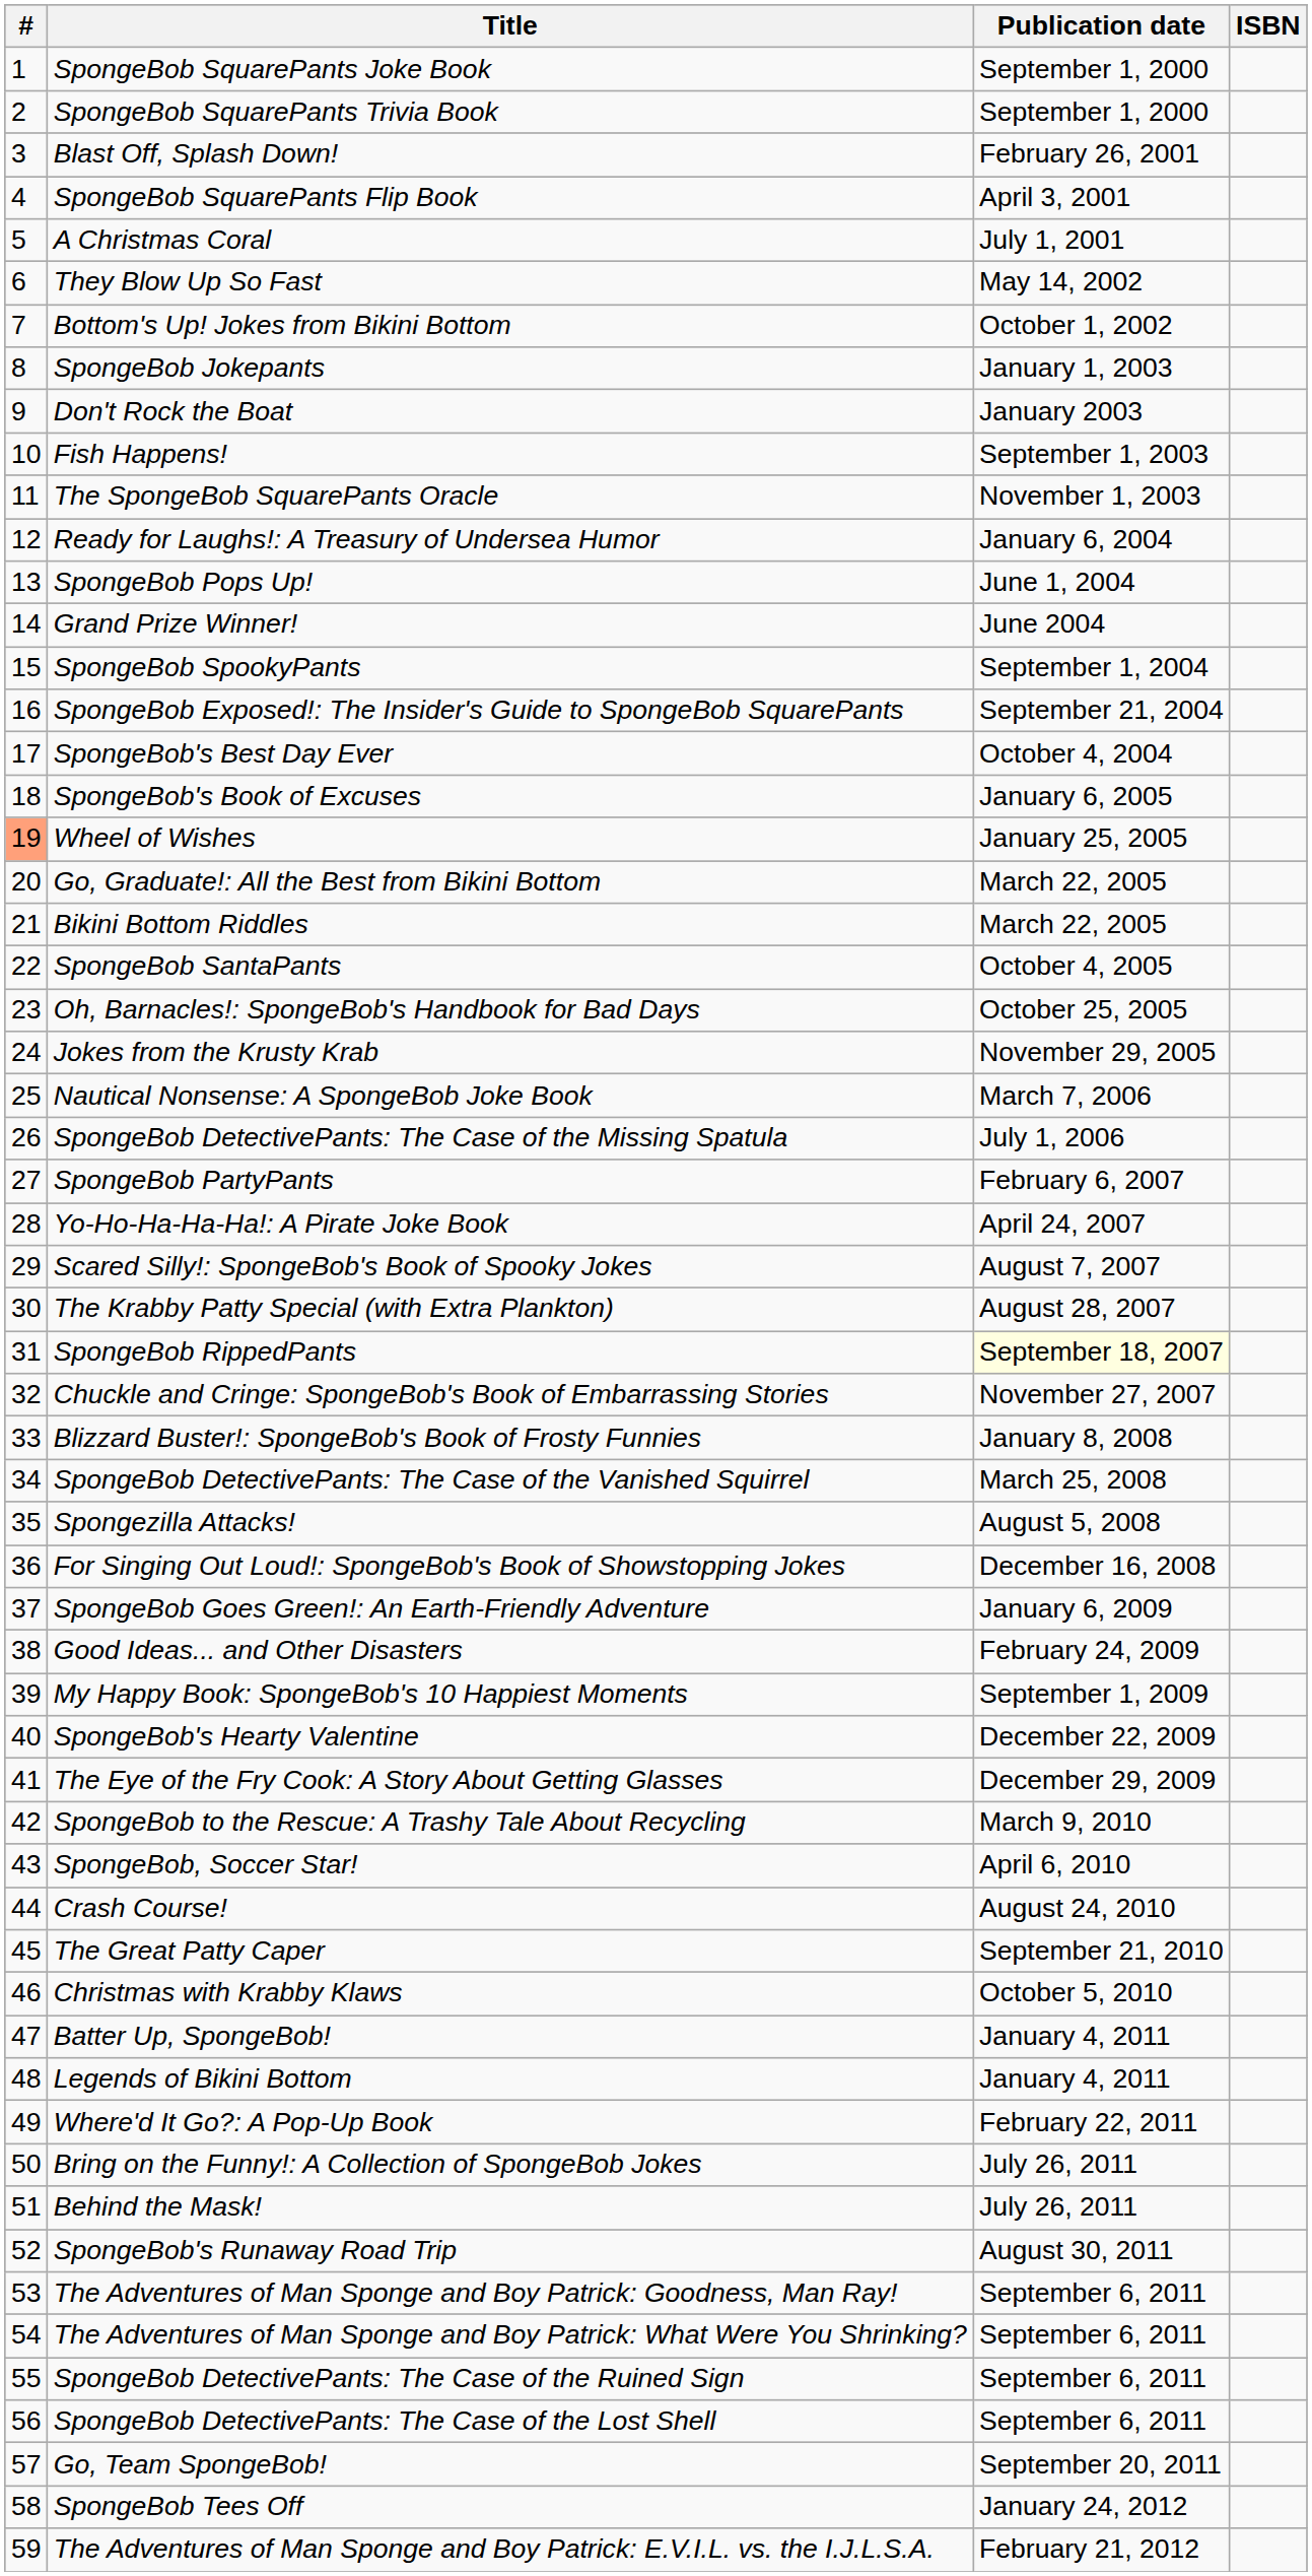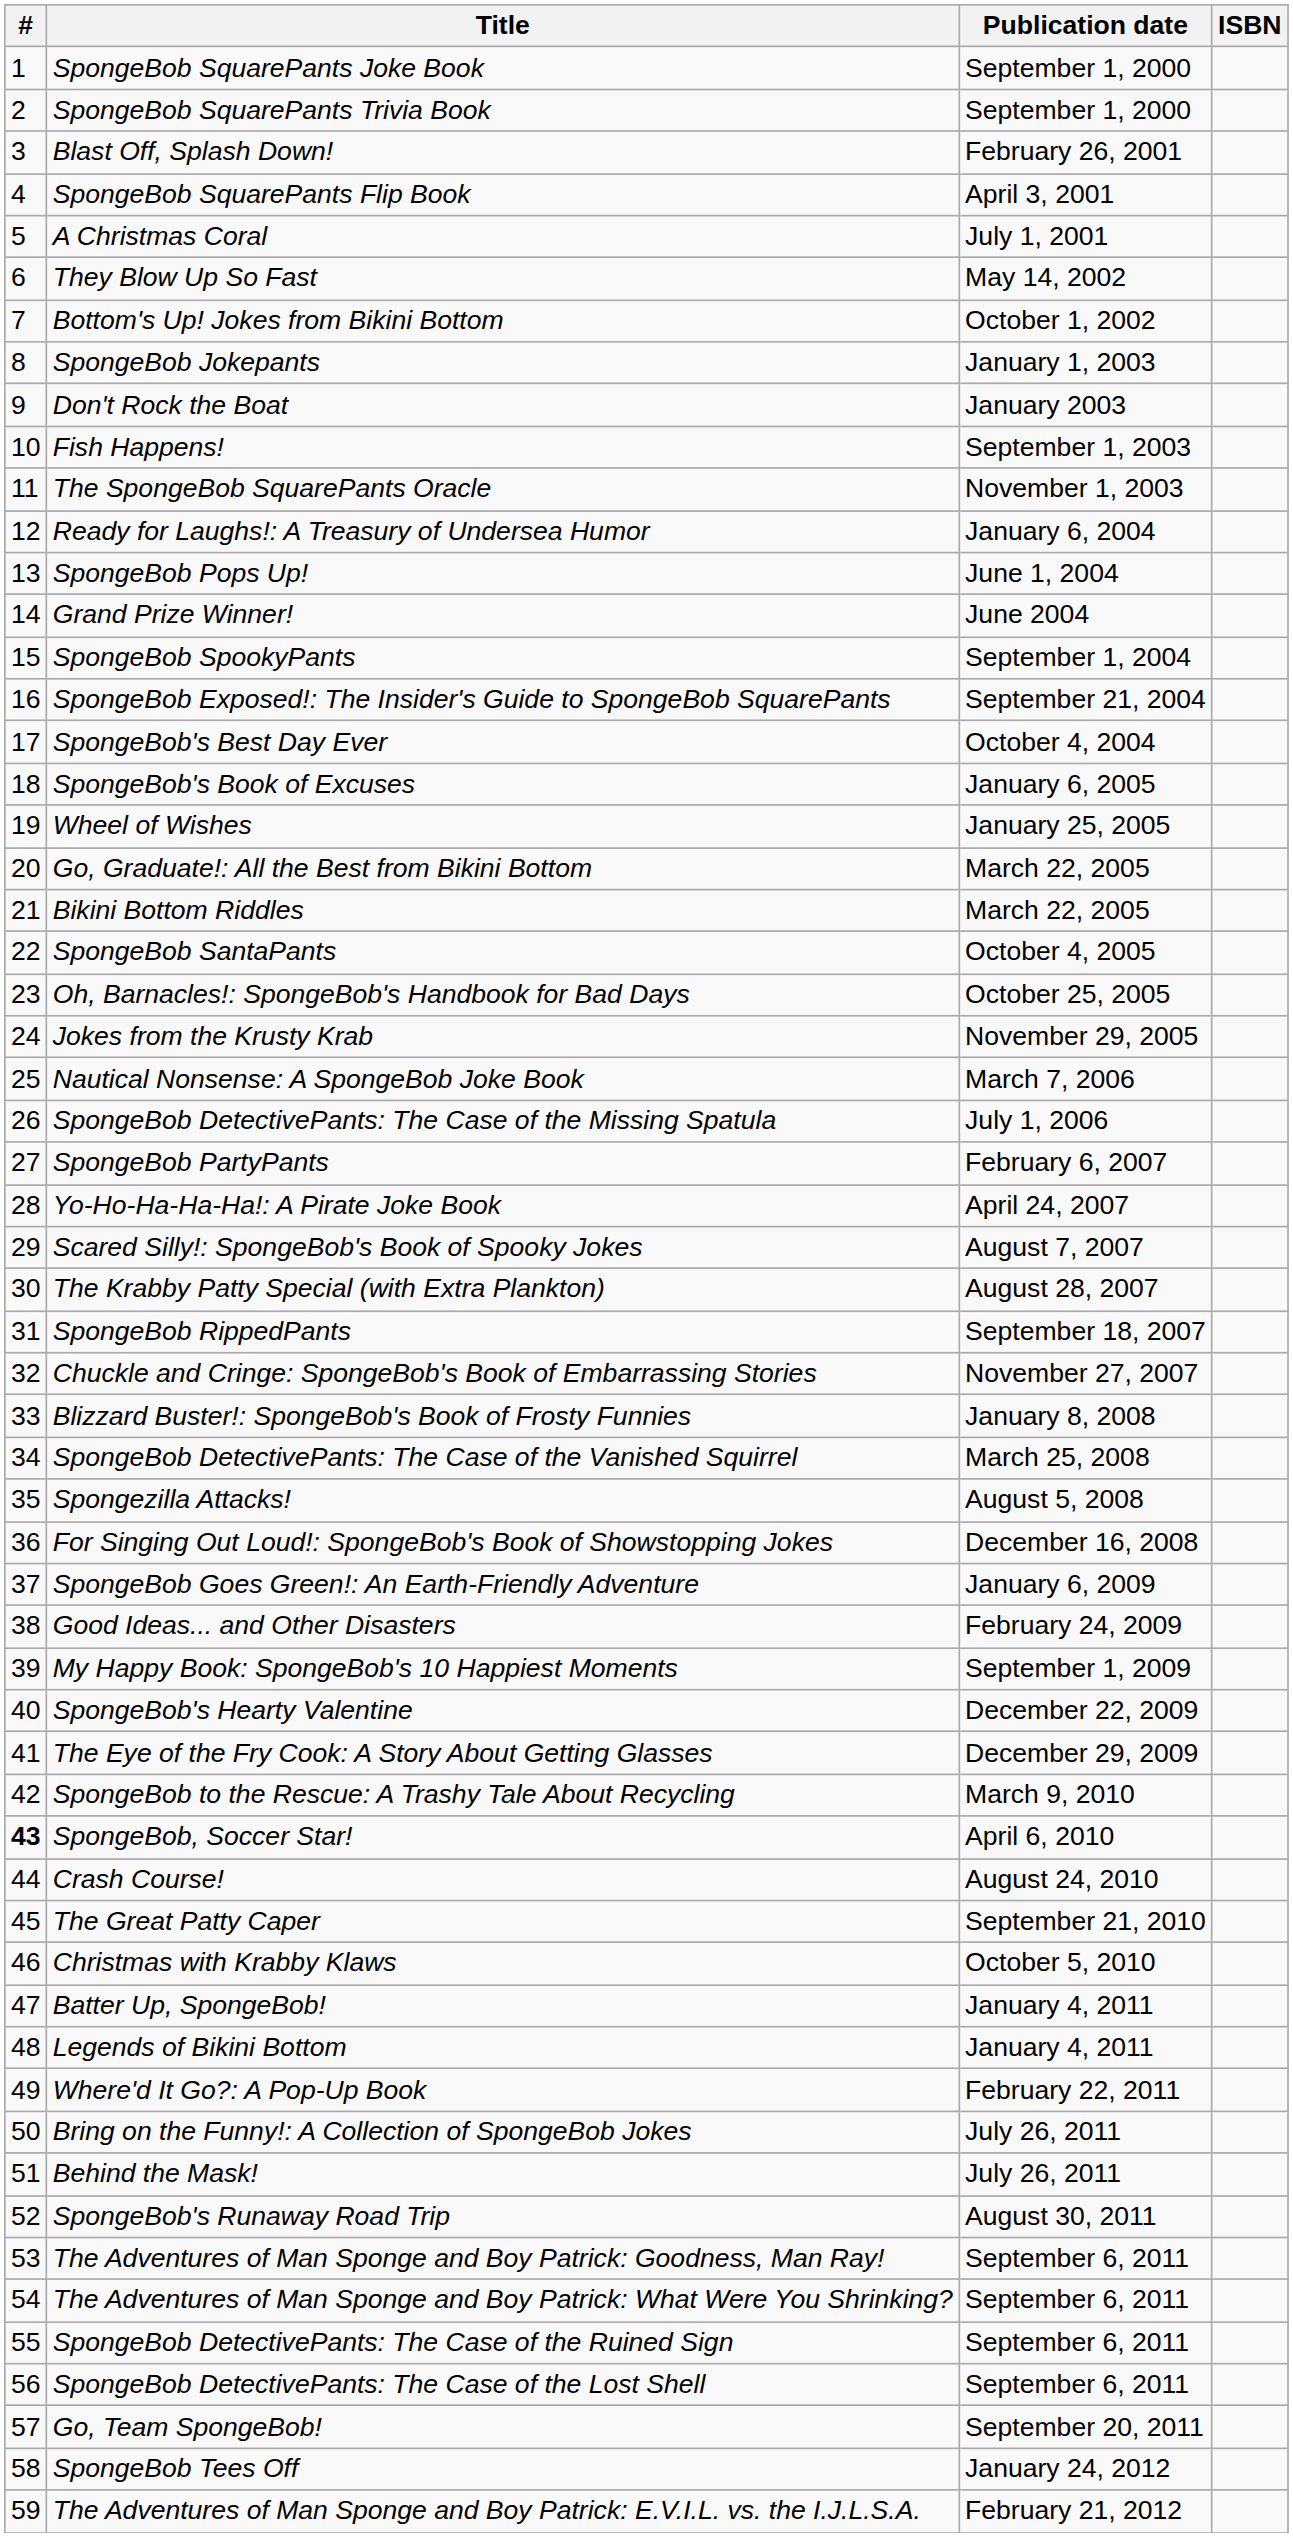 <table class="wikitable">
 <tr>
 <th>#</th>
 <th>Title</th>
 <th>Publication date</th>
 <th>ISBN</th>
 </tr>
 <tr>
 <td>1</td>
 <td><em>SpongeBob SquarePants Joke Book</em></td>
 <td>September 1, 2000</td>
 <td></td>
 </tr>
 <tr>
 <td>2</td>
 <td><em>SpongeBob SquarePants Trivia Book</em></td>
 <td>September 1, 2000</td>
 <td></td>
 </tr>
 <tr>
 <td>3</td>
 <td><em>Blast Off, Splash Down!</em></td>
 <td>February 26, 2001</td>
 <td></td>
 </tr>
 <tr>
 <td>4</td>
 <td><em>SpongeBob SquarePants Flip Book</em></td>
 <td>April 3, 2001</td>
 <td></td>
 </tr>
 <tr>
 <td>5</td>
 <td><em>A Christmas Coral</em></td>
 <td>July 1, 2001</td>
 <td></td>
 </tr>
 <tr>
 <td>6</td>
 <td><em>They Blow Up So Fast</em></td>
 <td>May 14, 2002</td>
 <td></td>
 </tr>
 <tr>
 <td>7</td>
 <td><em>Bottom's Up! Jokes from Bikini Bottom</em></td>
 <td>October 1, 2002</td>
 <td></td>
 </tr>
 <tr>
 <td>8</td>
 <td><em>SpongeBob Jokepants</em></td>
 <td>January 1, 2003</td>
 <td></td>
 </tr>
 <tr>
 <td>9</td>
 <td><em>Don't Rock the Boat</em></td>
 <td>January 2003</td>
 <td></td>
 </tr>
 <tr>
 <td>10</td>
 <td><em>Fish Happens!</em></td>
 <td>September 1, 2003</td>
 <td></td>
 </tr>
 <tr>
 <td>11</td>
 <td><em>The SpongeBob SquarePants Oracle</em></td>
 <td>November 1, 2003</td>
 <td></td>
 </tr>
 <tr>
 <td>12</td>
 <td><em>Ready for Laughs!: A Treasury of Undersea Humor</em></td>
 <td>January 6, 2004</td>
 <td></td>
 </tr>
 <tr>
 <td>13</td>
 <td><em>SpongeBob Pops Up!</em></td>
 <td>June 1, 2004</td>
 <td></td>
 </tr>
 <tr>
 <td>14</td>
 <td><em>Grand Prize Winner!</em></td>
 <td>June 2004</td>
 <td></td>
 </tr>
 <tr>
 <td>15</td>
 <td><em>SpongeBob SpookyPants</em></td>
 <td>September 1, 2004</td>
 <td></td>
 </tr>
 <tr>
 <td>16</td>
 <td><em>SpongeBob Exposed!: The Insider's Guide to SpongeBob SquarePants</em></td>
 <td>September 21, 2004</td>
 <td></td>
 </tr>
 <tr>
 <td>17</td>
 <td><em>SpongeBob's Best Day Ever</em></td>
 <td>October 4, 2004</td>
 <td></td>
 </tr>
 <tr>
 <td>18</td>
 <td><em>SpongeBob's Book of Excuses</em></td>
 <td>January 6, 2005</td>
 <td></td>
 </tr>
 <tr>
-<td style="background: lightsalmon;">19</td>
+<td>19</td>
 <td><em>Wheel of Wishes</em></td>
 <td>January 25, 2005</td>
 <td></td>
 </tr>
 <tr>
 <td>20</td>
 <td><em>Go, Graduate!: All the Best from Bikini Bottom</em></td>
 <td>March 22, 2005</td>
 <td></td>
 </tr>
 <tr>
 <td>21</td>
 <td><em>Bikini Bottom Riddles</em></td>
 <td>March 22, 2005</td>
 <td></td>
 </tr>
 <tr>
 <td>22</td>
 <td><em>SpongeBob SantaPants</em></td>
 <td>October 4, 2005</td>
 <td></td>
 </tr>
 <tr>
 <td>23</td>
 <td><em>Oh, Barnacles!: SpongeBob's Handbook for Bad Days</em></td>
 <td>October 25, 2005</td>
 <td></td>
 </tr>
 <tr>
 <td>24</td>
 <td><em>Jokes from the Krusty Krab</em></td>
 <td>November 29, 2005</td>
 <td></td>
 </tr>
 <tr>
 <td>25</td>
 <td><em>Nautical Nonsense: A SpongeBob Joke Book</em></td>
 <td>March 7, 2006</td>
 <td></td>
 </tr>
 <tr>
 <td>26</td>
 <td><em>SpongeBob DetectivePants: The Case of the Missing Spatula</em></td>
 <td>July 1, 2006</td>
 <td></td>
 </tr>
 <tr>
 <td>27</td>
 <td><em>SpongeBob PartyPants</em></td>
 <td>February 6, 2007</td>
 <td></td>
 </tr>
 <tr>
 <td>28</td>
 <td><em>Yo-Ho-Ha-Ha-Ha!: A Pirate Joke Book</em></td>
 <td>April 24, 2007</td>
 <td></td>
 </tr>
 <tr>
 <td>29</td>
 <td><em>Scared Silly!: SpongeBob's Book of Spooky Jokes</em></td>
 <td>August 7, 2007</td>
 <td></td>
 </tr>
 <tr>
 <td>30</td>
 <td><em>The Krabby Patty Special (with Extra Plankton)</em></td>
 <td>August 28, 2007</td>
 <td></td>
 </tr>
 <tr>
 <td>31</td>
 <td><em>SpongeBob RippedPants</em></td>
-<td style="background: lightyellow;">September 18, 2007</td>
+<td>September 18, 2007</td>
 <td></td>
 </tr>
 <tr>
 <td>32</td>
 <td><em>Chuckle and Cringe: SpongeBob's Book of Embarrassing Stories</em></td>
 <td>November 27, 2007</td>
 <td></td>
 </tr>
 <tr>
 <td>33</td>
 <td><em>Blizzard Buster!: SpongeBob's Book of Frosty Funnies</em></td>
 <td>January 8, 2008</td>
 <td></td>
 </tr>
 <tr>
 <td>34</td>
 <td><em>SpongeBob DetectivePants: The Case of the Vanished Squirrel</em></td>
 <td>March 25, 2008</td>
 <td></td>
 </tr>
 <tr>
 <td>35</td>
 <td><em>Spongezilla Attacks!</em></td>
 <td>August 5, 2008</td>
 <td></td>
 </tr>
 <tr>
 <td>36</td>
 <td><em>For Singing Out Loud!: SpongeBob's Book of Showstopping Jokes</em></td>
 <td>December 16, 2008</td>
 <td></td>
 </tr>
 <tr>
 <td>37</td>
 <td><em>SpongeBob Goes Green!: An Earth-Friendly Adventure</em></td>
 <td>January 6, 2009</td>
 <td></td>
 </tr>
 <tr>
 <td>38</td>
 <td><em>Good Ideas... and Other Disasters</em></td>
 <td>February 24, 2009</td>
 <td></td>
 </tr>
 <tr>
 <td>39</td>
 <td><em>My Happy Book: SpongeBob's 10 Happiest Moments</em></td>
 <td>September 1, 2009</td>
 <td></td>
 </tr>
 <tr>
 <td>40</td>
 <td><em>SpongeBob's Hearty Valentine</em></td>
 <td>December 22, 2009</td>
 <td></td>
 </tr>
 <tr>
 <td>41</td>
 <td><em>The Eye of the Fry Cook: A Story About Getting Glasses</em></td>
 <td>December 29, 2009</td>
 <td></td>
 </tr>
 <tr>
 <td>42</td>
 <td><em>SpongeBob to the Rescue: A Trashy Tale About Recycling</em></td>
 <td>March 9, 2010</td>
 <td></td>
 </tr>
 <tr>
-<td>43</td>
+<td><strong>43</strong></td>
 <td><em>SpongeBob, Soccer Star!</em></td>
 <td>April 6, 2010</td>
 <td></td>
 </tr>
 <tr>
 <td>44</td>
 <td><em>Crash Course!</em></td>
 <td>August 24, 2010</td>
 <td></td>
 </tr>
 <tr>
 <td>45</td>
 <td><em>The Great Patty Caper</em></td>
 <td>September 21, 2010</td>
 <td></td>
 </tr>
 <tr>
 <td>46</td>
 <td><em>Christmas with Krabby Klaws</em></td>
 <td>October 5, 2010</td>
 <td></td>
 </tr>
 <tr>
 <td>47</td>
 <td><em>Batter Up, SpongeBob!</em></td>
 <td>January 4, 2011</td>
 <td></td>
 </tr>
 <tr>
 <td>48</td>
 <td><em>Legends of Bikini Bottom</em></td>
 <td>January 4, 2011</td>
 <td></td>
 </tr>
 <tr>
 <td>49</td>
 <td><em>Where'd It Go?: A Pop-Up Book</em></td>
 <td>February 22, 2011</td>
 <td></td>
 </tr>
 <tr>
 <td>50</td>
 <td><em>Bring on the Funny!: A Collection of SpongeBob Jokes</em></td>
 <td>July 26, 2011</td>
 <td></td>
 </tr>
 <tr>
 <td>51</td>
 <td><em>Behind the Mask!</em></td>
 <td>July 26, 2011</td>
 <td></td>
 </tr>
 <tr>
 <td>52</td>
 <td><em>SpongeBob's Runaway Road Trip</em></td>
 <td>August 30, 2011</td>
 <td></td>
 </tr>
 <tr>
 <td>53</td>
 <td><em>The Adventures of Man Sponge and Boy Patrick: Goodness, Man Ray!</em></td>
 <td>September 6, 2011</td>
 <td></td>
 </tr>
 <tr>
 <td>54</td>
 <td><em>The Adventures of Man Sponge and Boy Patrick: What Were You Shrinking?</em></td>
 <td>September 6, 2011</td>
 <td></td>
 </tr>
 <tr>
 <td>55</td>
 <td><em>SpongeBob DetectivePants: The Case of the Ruined Sign</em></td>
 <td>September 6, 2011</td>
 <td></td>
 </tr>
 <tr>
 <td>56</td>
 <td><em>SpongeBob DetectivePants: The Case of the Lost Shell</em></td>
 <td>September 6, 2011</td>
 <td></td>
 </tr>
 <tr>
 <td>57</td>
 <td><em>Go, Team SpongeBob!</em></td>
 <td>September 20, 2011</td>
 <td></td>
 </tr>
 <tr>
 <td>58</td>
 <td><em>SpongeBob Tees Off</em></td>
 <td>January 24, 2012</td>
 <td></td>
 </tr>
 <tr>
 <td>59</td>
 <td><em>The Adventures of Man Sponge and Boy Patrick: E.V.I.L. vs. the I.J.L.S.A.</em></td>
 <td>February 21, 2012</td>
 <td></td>
 </tr>
 </table>
